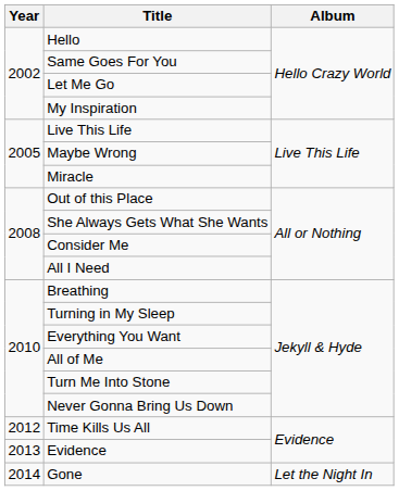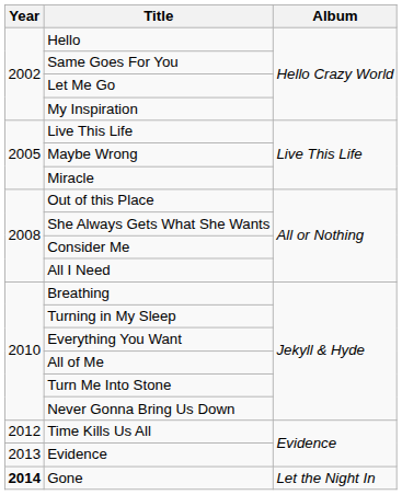 <table class="wikitable">
 <tr>
 <th>Year</th>
 <th>Title</th>
 <th>Album</th>
 </tr>
 <tr>
 <td rowspan="4">2002</td>
 <td>Hello</td>
 <td rowspan="4"><em>Hello Crazy World</em></td>
 </tr>
 <tr>
 <td>Same Goes For You</td>
 </tr>
 <tr>
 <td>Let Me Go</td>
 </tr>
 <tr>
 <td>My Inspiration</td>
 </tr>
 <tr>
 <td rowspan="3">2005</td>
 <td>Live This Life</td>
 <td rowspan="3"><em>Live This Life</em></td>
 </tr>
 <tr>
 <td>Maybe Wrong</td>
 </tr>
 <tr>
 <td>Miracle</td>
 </tr>
 <tr>
 <td rowspan="4">2008</td>
 <td>Out of this Place</td>
 <td rowspan="4"><em>All or Nothing</em></td>
 </tr>
 <tr>
 <td>She Always Gets What She Wants</td>
 </tr>
 <tr>
 <td>Consider Me</td>
 </tr>
 <tr>
 <td>All I Need</td>
 </tr>
 <tr>
 <td rowspan="6">2010</td>
 <td>Breathing</td>
 <td rowspan="6"><em>Jekyll & Hyde</em></td>
 </tr>
 <tr>
 <td>Turning in My Sleep</td>
 </tr>
 <tr>
 <td>Everything You Want</td>
 </tr>
 <tr>
 <td>All of Me</td>
 </tr>
 <tr>
 <td>Turn Me Into Stone</td>
 </tr>
 <tr>
 <td>Never Gonna Bring Us Down</td>
 </tr>
 <tr>
 <td>2012</td>
 <td>Time Kills Us All</td>
 <td rowspan="2"><em>Evidence</em></td>
 </tr>
 <tr>
 <td>2013</td>
 <td>Evidence</td>
 </tr>
 <tr>
-<td>2014</td>
+<td><strong>2014</strong></td>
 <td>Gone</td>
 <td rowspan="6"><em>Let the Night In</em></td>
 </tr>
 </table>
